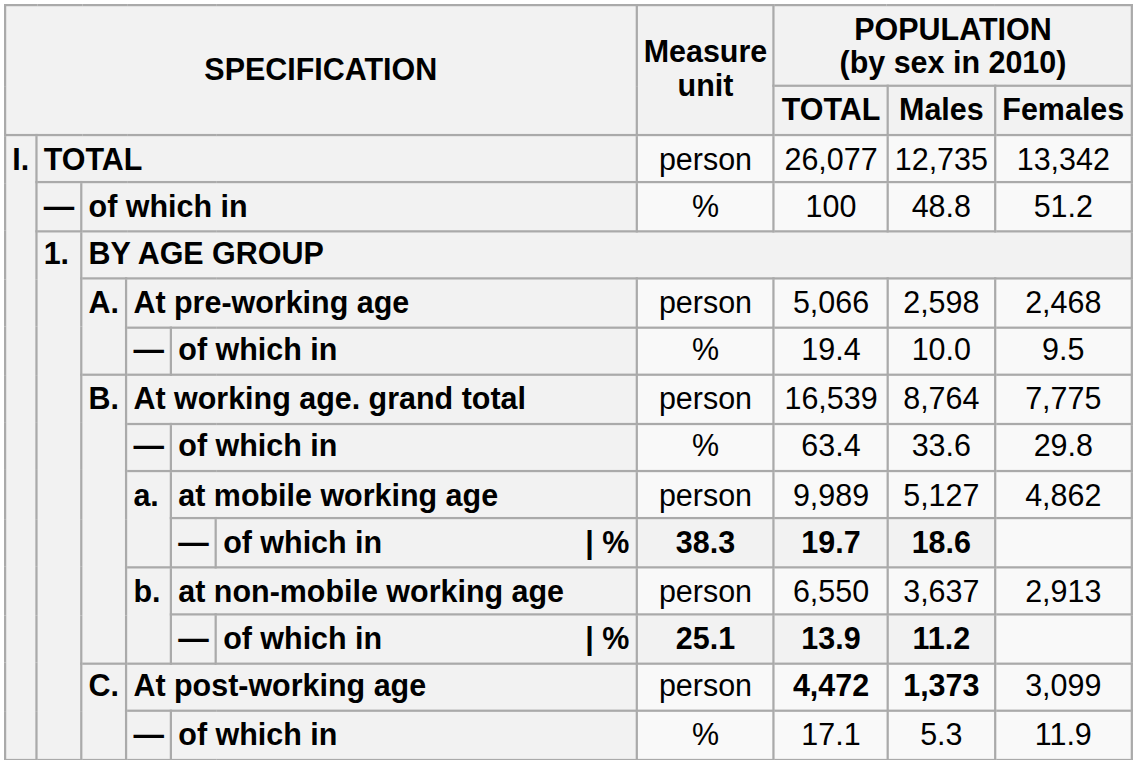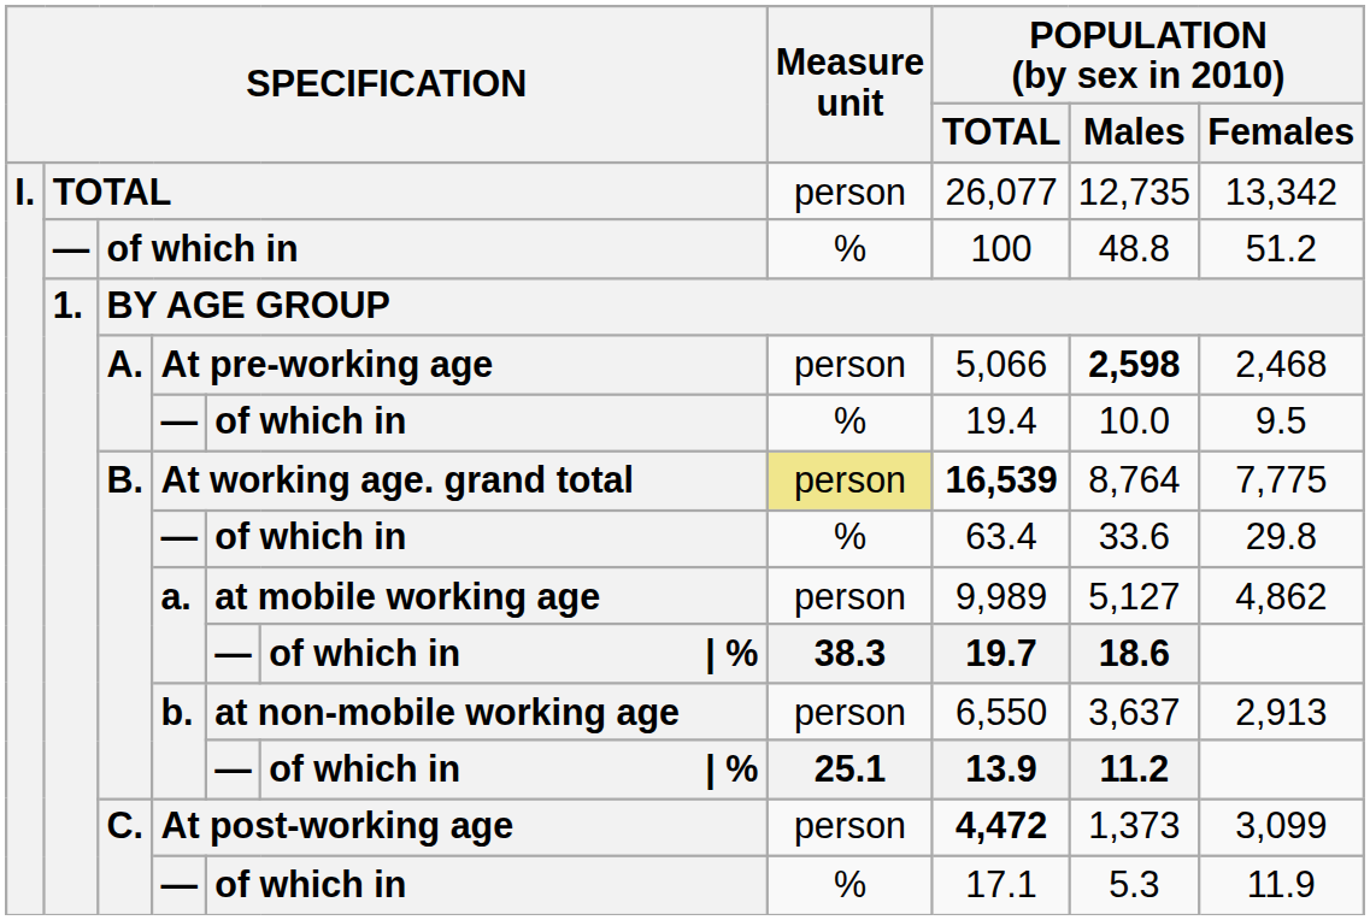 <table class="wikitable" style="font-size:85%; text-align:center">
 <tr>
 <th rowspan="2" colspan="6">SPECIFICATION</th>
 <th rowspan="2">Measure<br> unit</th>
 <th colspan="3" rowspan="1">POPULATION<br> (by sex in 2010)</th>
 </tr>
 <tr>
 <th>TOTAL</th>
 <th>Males</th>
 <th>Females</th>
 </tr>
 <tr>
 <th style="text-align:left" valign="top" rowspan="13">I.</th>
 <th style="text-align:left" colspan="5">TOTAL</th>
 <td>person</td>
 <td>26,077</td>
 <td>12,735</td>
 <td>13,342</td>
 </tr>
 <tr>
 <th style="text-align:left" valign="top">—</th>
 <th style="text-align:left" colspan="4">of which in</th>
 <td>%</td>
 <td>100</td>
 <td>48.8</td>
 <td>51.2</td>
 </tr>
 <tr>
 <th style="text-align:left" valign="top" rowspan="11">1.</th>
 <th style="text-align:left" colspan="19">BY AGE GROUP</th>
 </tr>
 <tr>
 <th style="text-align:left" valign="top" rowspan="2">A.</th>
 <th style="text-align:left" colspan="3">At pre-working age</th>
 <td>person</td>
 <td>5,066</td>
-<td>2,598</td>
+<td><strong>2,598</strong></td>
 <td>2,468</td>
 </tr>
 <tr>
 <th style="text-align:left" valign="top">—</th>
 <th style="text-align:left" valign="top" colspan="2">of which in</th>
 <td>%</td>
 <td>19.4</td>
 <td>10.0</td>
 <td>9.5</td>
 </tr>
 <tr>
 <th style="text-align:left" valign="top" rowspan="6">B.</th>
 <th style="text-align:left" colspan="3">At working age. grand total</th>
-<td>person</td>
-<td>16,539</td>
+<td style="background: khaki;">person</td>
+<td><strong>16,539</strong></td>
 <td>8,764</td>
 <td>7,775</td>
 </tr>
 <tr>
 <th style="text-align:left" valign="top">—</th>
 <th style="text-align:left" valign="top" colspan="2">of which in</th>
 <td>%</td>
 <td>63.4</td>
 <td>33.6</td>
 <td>29.8</td>
 </tr>
 <tr>
 <th style="text-align:left" valign="top" rowspan="2">a.</th>
 <th style="text-align:left" colspan="2">at mobile working age</th>
 <td>person</td>
 <td>9,989</td>
 <td>5,127</td>
 <td>4,862</td>
 </tr>
 <tr>
 <th style="text-align:left" valign="top">—</th>
 <th style="text-align:left" valign="top" colspan="1">of which in                        | %</th>
 <th>38.3</th>
 <th>19.7</th>
 <th>18.6</th>
 </tr>
 <tr>
 <th style="text-align:left" valign="top" rowspan="2">b.</th>
 <th style="text-align:left" colspan="2">at non-mobile working age</th>
 <td>person</td>
 <td>6,550</td>
 <td>3,637</td>
 <td>2,913</td>
 </tr>
 <tr>
 <th style="text-align:left" valign="top">—</th>
 <th style="text-align:left" valign="top" colspan="1">of which in                        | %</th>
 <th>25.1</th>
 <th>13.9</th>
 <th>11.2</th>
 </tr>
 <tr>
 <th style="text-align:left" valign="top" rowspan="2">C.</th>
 <th style="text-align:left" colspan="3">At post-working age</th>
 <td>person</td>
 <td><strong>4,472</strong></td>
-<td><strong>1,373</strong></td>
+<td>1,373</td>
 <td>3,099</td>
 </tr>
 <tr>
 <th style="text-align:left" valign="top">—</th>
 <th style="text-align:left" valign="top" colspan="2">of which in</th>
 <td>%</td>
 <td>17.1</td>
 <td>5.3</td>
 <td>11.9</td>
 </tr>
 </table>
